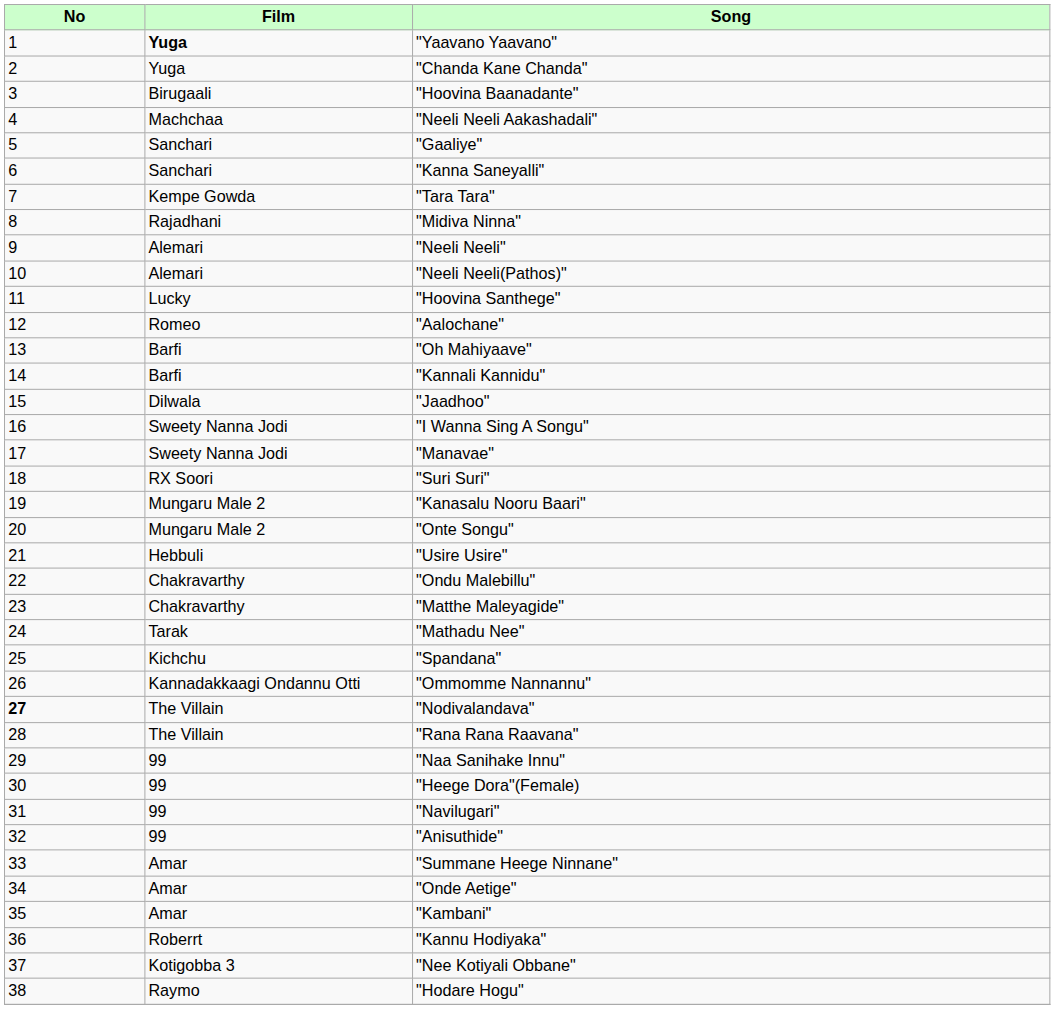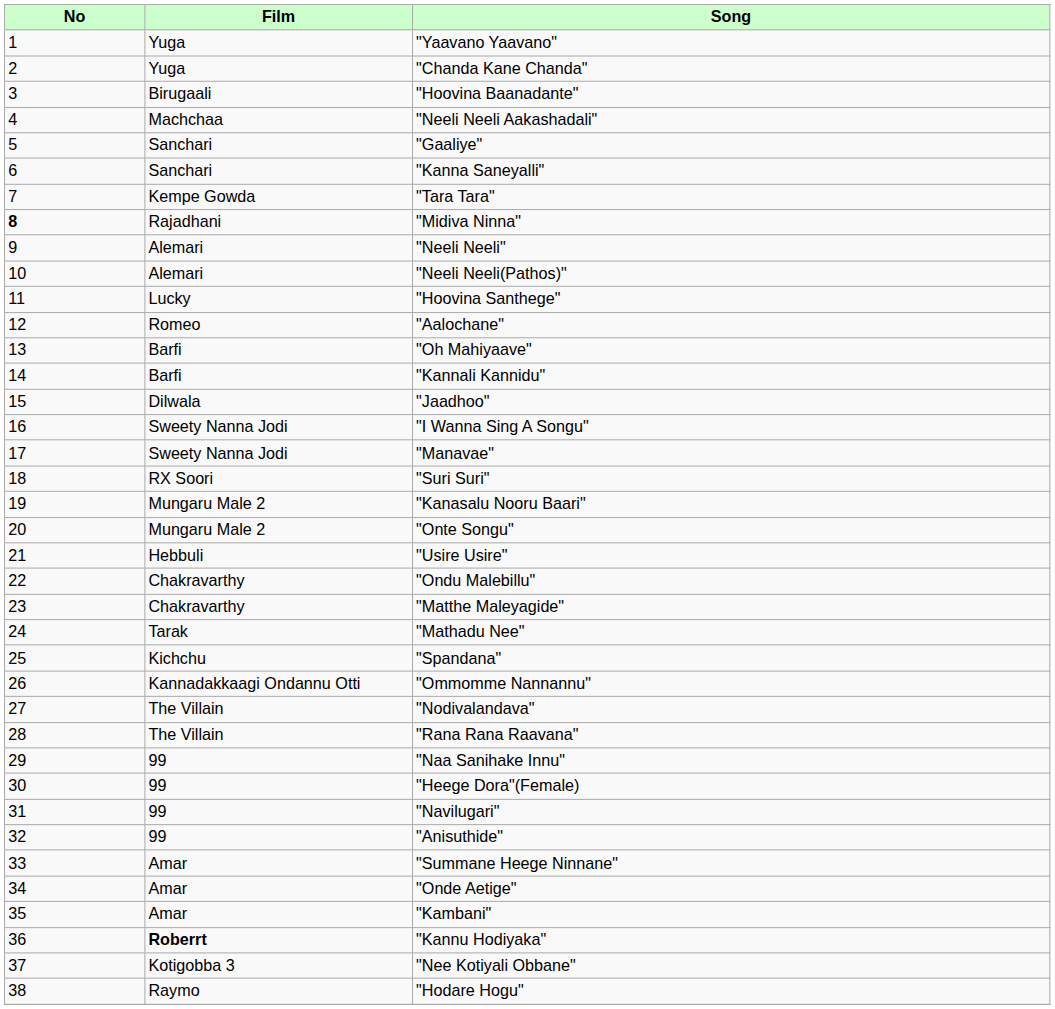 <table class="wikitable">
 <tr style="background:#cfc; text-align:center;">
 <td scope="col" width=11%><strong>No</strong></td>
 <td scope="col" width=21%><strong>Film</strong></td>
 <td scope="col" width=50%><strong>Song</strong></td>
 </tr>
 <tr>
 <td>1</td>
-<td><strong>Yuga</strong></td>
+<td>Yuga</td>
 <td>"Yaavano Yaavano"</td>
 </tr>
 <tr>
 <td>2</td>
 <td>Yuga</td>
 <td>"Chanda Kane Chanda"</td>
 </tr>
 <tr>
 <td>3</td>
 <td>Birugaali</td>
 <td>"Hoovina Baanadante"</td>
 </tr>
 <tr>
 <td>4</td>
 <td>Machchaa</td>
 <td>"Neeli Neeli Aakashadali"</td>
 </tr>
 <tr>
 <td>5</td>
 <td>Sanchari</td>
 <td>"Gaaliye"</td>
 </tr>
 <tr>
 <td>6</td>
 <td>Sanchari</td>
 <td>"Kanna Saneyalli"</td>
 </tr>
 <tr>
 <td>7</td>
 <td>Kempe Gowda</td>
 <td>"Tara Tara"</td>
 </tr>
 <tr>
-<td>8</td>
+<td><strong>8</strong></td>
 <td>Rajadhani</td>
 <td>"Midiva Ninna"</td>
 </tr>
 <tr>
 <td>9</td>
 <td>Alemari</td>
 <td>"Neeli Neeli"</td>
 </tr>
 <tr>
 <td>10</td>
 <td>Alemari</td>
 <td>"Neeli Neeli(Pathos)"</td>
 </tr>
 <tr>
 <td>11</td>
 <td>Lucky</td>
 <td>"Hoovina Santhege"</td>
 </tr>
 <tr>
 <td>12</td>
 <td>Romeo</td>
 <td>"Aalochane"</td>
 </tr>
 <tr>
 <td>13</td>
 <td>Barfi</td>
 <td>"Oh Mahiyaave"</td>
 </tr>
 <tr>
 <td>14</td>
 <td>Barfi</td>
 <td>"Kannali Kannidu"</td>
 </tr>
 <tr>
 <td>15</td>
 <td>Dilwala</td>
 <td>"Jaadhoo"</td>
 </tr>
 <tr>
 <td>16</td>
 <td>Sweety Nanna Jodi</td>
 <td>"I Wanna Sing A Songu"</td>
 </tr>
 <tr>
 <td>17</td>
 <td>Sweety Nanna Jodi</td>
 <td>"Manavae"</td>
 </tr>
 <tr>
 <td>18</td>
 <td>RX Soori</td>
 <td>"Suri Suri"</td>
 </tr>
 <tr>
 <td>19</td>
 <td>Mungaru Male 2</td>
 <td>"Kanasalu Nooru Baari"</td>
 </tr>
 <tr>
 <td>20</td>
 <td>Mungaru Male 2</td>
 <td>"Onte Songu"</td>
 </tr>
 <tr>
 <td>21</td>
 <td>Hebbuli</td>
 <td>"Usire Usire"</td>
 </tr>
 <tr>
 <td>22</td>
 <td>Chakravarthy</td>
 <td>"Ondu Malebillu"</td>
 </tr>
 <tr>
 <td>23</td>
 <td>Chakravarthy</td>
 <td>"Matthe Maleyagide"</td>
 </tr>
 <tr>
 <td>24</td>
 <td>Tarak</td>
 <td>"Mathadu Nee"</td>
 </tr>
 <tr>
 <td>25</td>
 <td>Kichchu</td>
 <td>"Spandana"</td>
 </tr>
 <tr>
 <td>26</td>
 <td>Kannadakkaagi Ondannu Otti</td>
 <td>"Ommomme Nannannu"</td>
 </tr>
 <tr>
-<td><strong>27</strong></td>
+<td>27</td>
 <td>The Villain</td>
 <td>"Nodivalandava"</td>
 </tr>
 <tr>
 <td>28</td>
 <td>The Villain</td>
 <td>"Rana Rana Raavana"</td>
 </tr>
 <tr>
 <td>29</td>
 <td>99</td>
 <td>"Naa Sanihake Innu"</td>
 </tr>
 <tr>
 <td>30</td>
 <td>99</td>
 <td>"Heege Dora"(Female)</td>
 </tr>
 <tr>
 <td>31</td>
 <td>99</td>
 <td>"Navilugari"</td>
 </tr>
 <tr>
 <td>32</td>
 <td>99</td>
 <td>"Anisuthide"</td>
 </tr>
 <tr>
 <td>33</td>
 <td>Amar</td>
 <td>"Summane Heege Ninnane"</td>
 </tr>
 <tr>
 <td>34</td>
 <td>Amar</td>
 <td>"Onde Aetige"</td>
 </tr>
 <tr>
 <td>35</td>
 <td>Amar</td>
 <td>"Kambani"</td>
 </tr>
 <tr>
 <td>36</td>
-<td>Roberrt</td>
+<td><strong>Roberrt</strong></td>
 <td>"Kannu Hodiyaka"</td>
 </tr>
 <tr>
 <td>37</td>
 <td>Kotigobba 3</td>
 <td>"Nee Kotiyali Obbane"</td>
 </tr>
 <tr>
 <td>38</td>
 <td>Raymo</td>
 <td>"Hodare Hogu"</td>
 </tr>
 <tr>
 </tr>
 </table>
